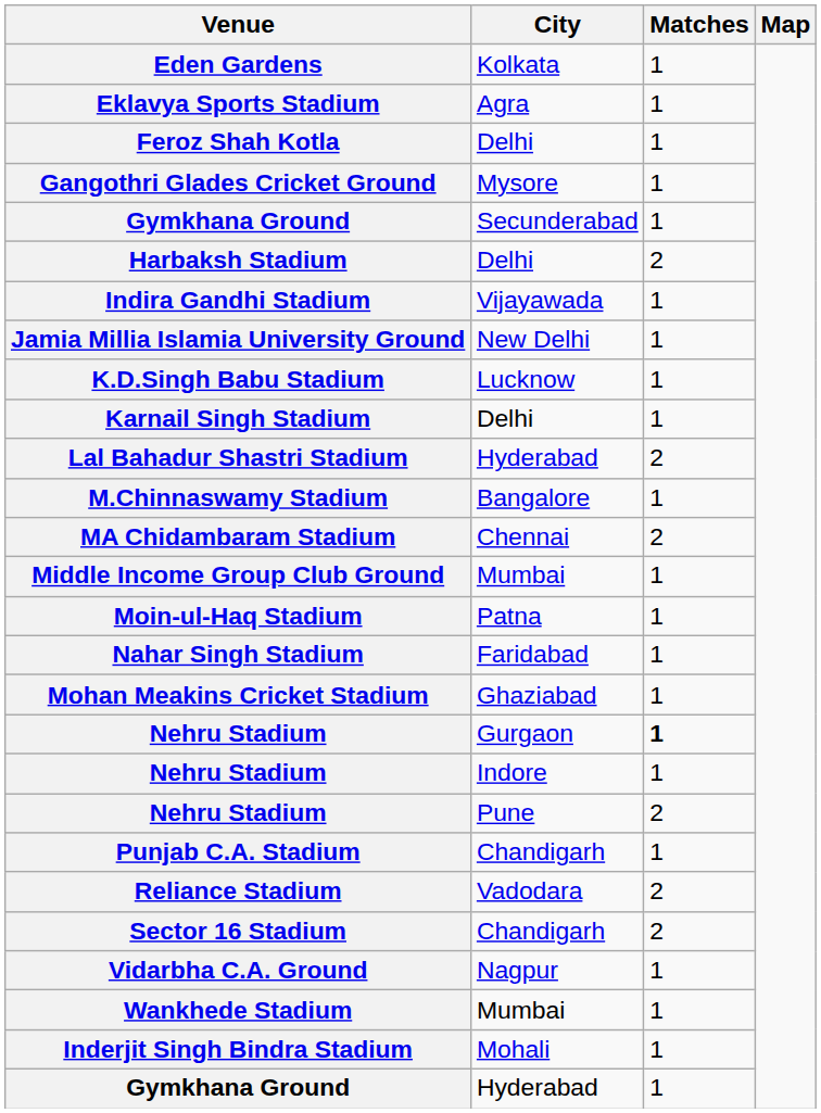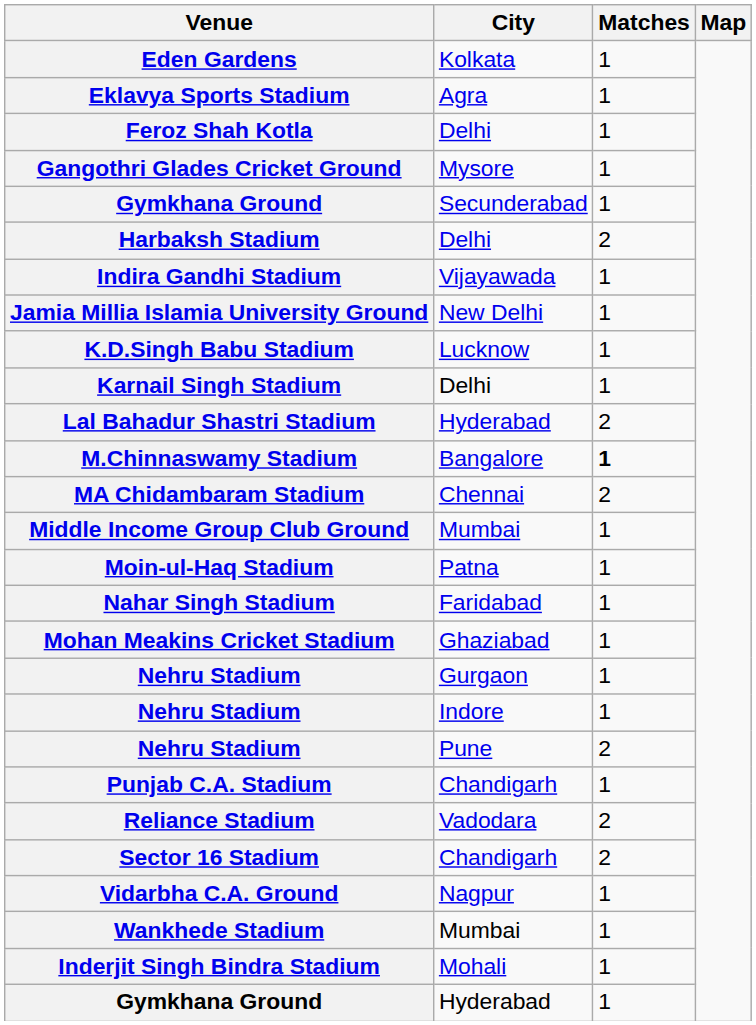 <table class="wikitable">
 <tr>
 <th>Venue</th>
 <th>City</th>
 <th>Matches</th>
 <th>Map</th>
 </tr>
 <tr>
 <th><a href='#'>Eden Gardens</a></th>
 <td><a href='#'>Kolkata</a></td>
 <td>1</td>
 <td rowspan="27"></td>
 </tr>
 <tr>
 <th><a href='#'>Eklavya Sports Stadium</a></th>
 <td><a href='#'>Agra</a></td>
 <td>1</td>
 </tr>
 <tr>
 <th><a href='#'>Feroz Shah Kotla</a></th>
 <td><a href='#'>Delhi</a></td>
 <td>1</td>
 </tr>
 <tr>
 <th><a href='#'>Gangothri Glades Cricket Ground</a></th>
 <td><a href='#'>Mysore</a></td>
 <td>1</td>
 </tr>
 <tr>
 <th><a href='#'>Gymkhana Ground</a></th>
 <td><a href='#'>Secunderabad</a></td>
 <td>1</td>
 </tr>
 <tr>
 <th><a href='#'>Harbaksh Stadium</a></th>
 <td><a href='#'>Delhi</a></td>
 <td>2</td>
 </tr>
 <tr>
 <th><a href='#'>Indira Gandhi Stadium</a></th>
 <td><a href='#'>Vijayawada</a></td>
 <td>1</td>
 </tr>
 <tr>
 <th><a href='#'>Jamia Millia Islamia University Ground</a></th>
 <td><a href='#'>New Delhi</a></td>
 <td>1</td>
 </tr>
 <tr>
 <th><a href='#'>K.D.Singh Babu Stadium</a></th>
 <td><a href='#'>Lucknow</a></td>
 <td>1</td>
 </tr>
 <tr>
 <th><a href='#'>Karnail Singh Stadium</a></th>
 <td>Delhi</td>
 <td>1</td>
 </tr>
 <tr>
 <th><a href='#'>Lal Bahadur Shastri Stadium</a></th>
 <td><a href='#'>Hyderabad</a></td>
 <td>2</td>
 </tr>
 <tr>
 <th><a href='#'>M.Chinnaswamy Stadium</a></th>
 <td><a href='#'>Bangalore</a></td>
-<td>1</td>
+<td><strong>1</strong></td>
 </tr>
 <tr>
 <th><a href='#'>MA Chidambaram Stadium</a></th>
 <td><a href='#'>Chennai</a></td>
 <td>2</td>
 </tr>
 <tr>
 <th><a href='#'>Middle Income Group Club Ground</a></th>
 <td><a href='#'>Mumbai</a></td>
 <td>1</td>
 </tr>
 <tr>
 <th><a href='#'>Moin-ul-Haq Stadium</a></th>
 <td><a href='#'>Patna</a></td>
 <td>1</td>
 </tr>
 <tr>
 <th><a href='#'>Nahar Singh Stadium</a></th>
 <td><a href='#'>Faridabad</a></td>
 <td>1</td>
 </tr>
 <tr>
 <th><a href='#'>Mohan Meakins Cricket Stadium</a></th>
 <td><a href='#'>Ghaziabad</a></td>
 <td>1</td>
 </tr>
 <tr>
 <th><a href='#'>Nehru Stadium</a></th>
 <td><a href='#'>Gurgaon</a></td>
-<td><strong>1</strong></td>
+<td>1</td>
 </tr>
 <tr>
 <th><a href='#'>Nehru Stadium</a></th>
 <td><a href='#'>Indore</a></td>
 <td>1</td>
 </tr>
 <tr>
 <th><a href='#'>Nehru Stadium</a></th>
 <td><a href='#'>Pune</a></td>
 <td>2</td>
 </tr>
 <tr>
 <th><a href='#'>Punjab C.A. Stadium</a></th>
 <td><a href='#'>Chandigarh</a></td>
 <td>1</td>
 </tr>
 <tr>
 <th><a href='#'>Reliance Stadium</a></th>
 <td><a href='#'>Vadodara</a></td>
 <td>2</td>
 </tr>
 <tr>
 <th><a href='#'>Sector 16 Stadium</a></th>
 <td><a href='#'>Chandigarh</a></td>
 <td>2</td>
 </tr>
 <tr>
 <th><a href='#'>Vidarbha C.A. Ground</a></th>
 <td><a href='#'>Nagpur</a></td>
 <td>1</td>
 </tr>
 <tr>
 <th><a href='#'>Wankhede Stadium</a></th>
 <td>Mumbai</td>
 <td>1</td>
 </tr>
 <tr>
 <th><a href='#'>Inderjit Singh Bindra Stadium</a></th>
 <td><a href='#'>Mohali</a></td>
 <td>1</td>
 </tr>
 <tr>
 <th>Gymkhana Ground</th>
 <td>Hyderabad</td>
 <td>1</td>
 </tr>
 </table>
